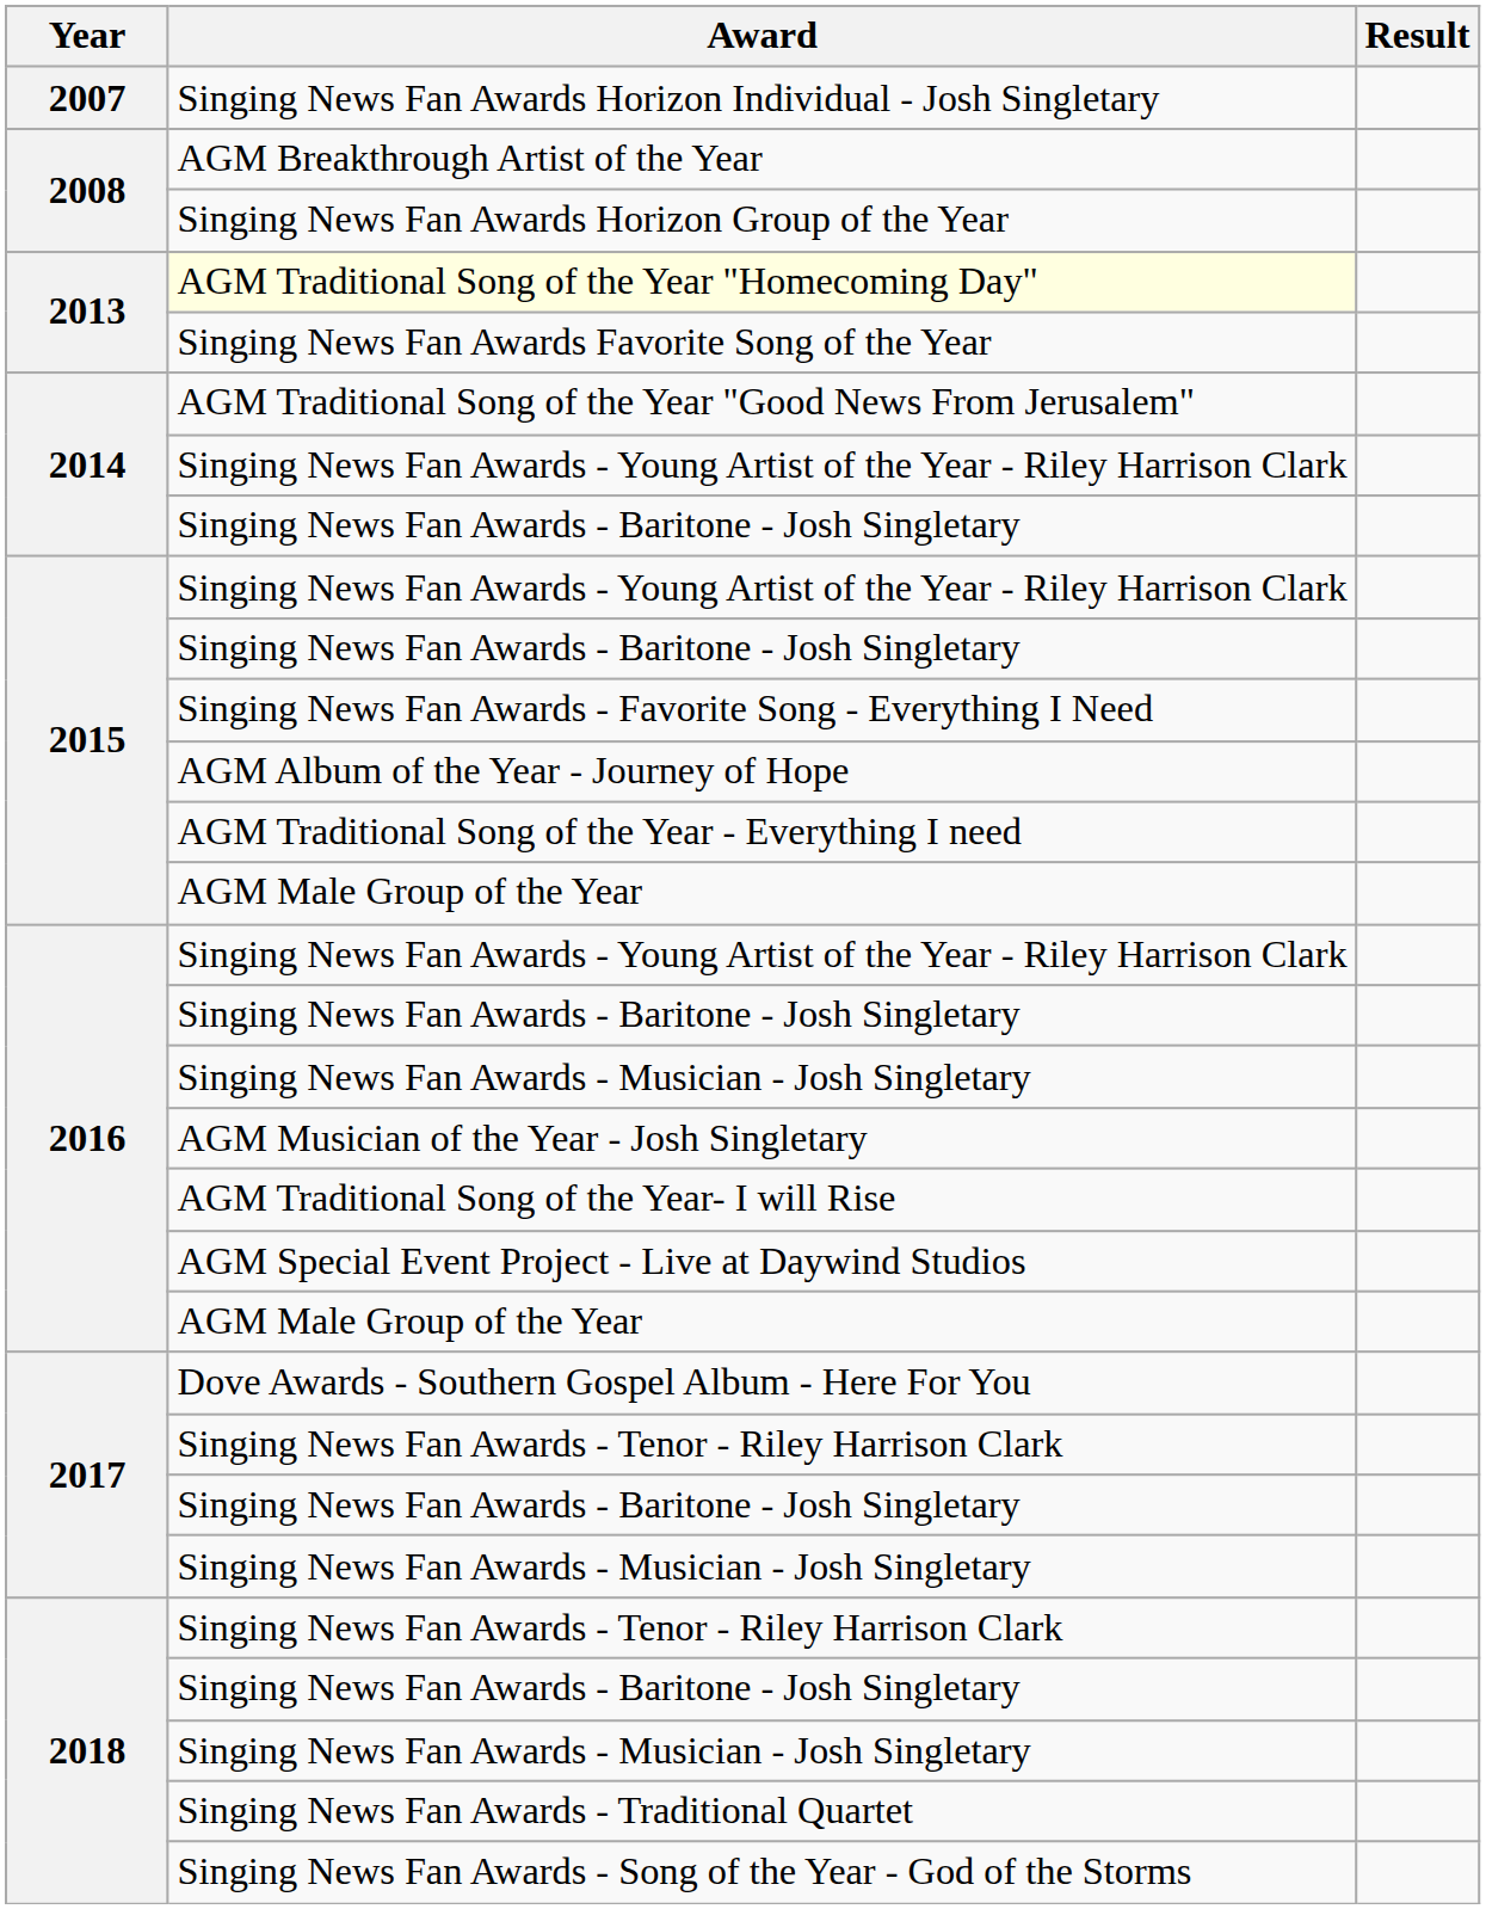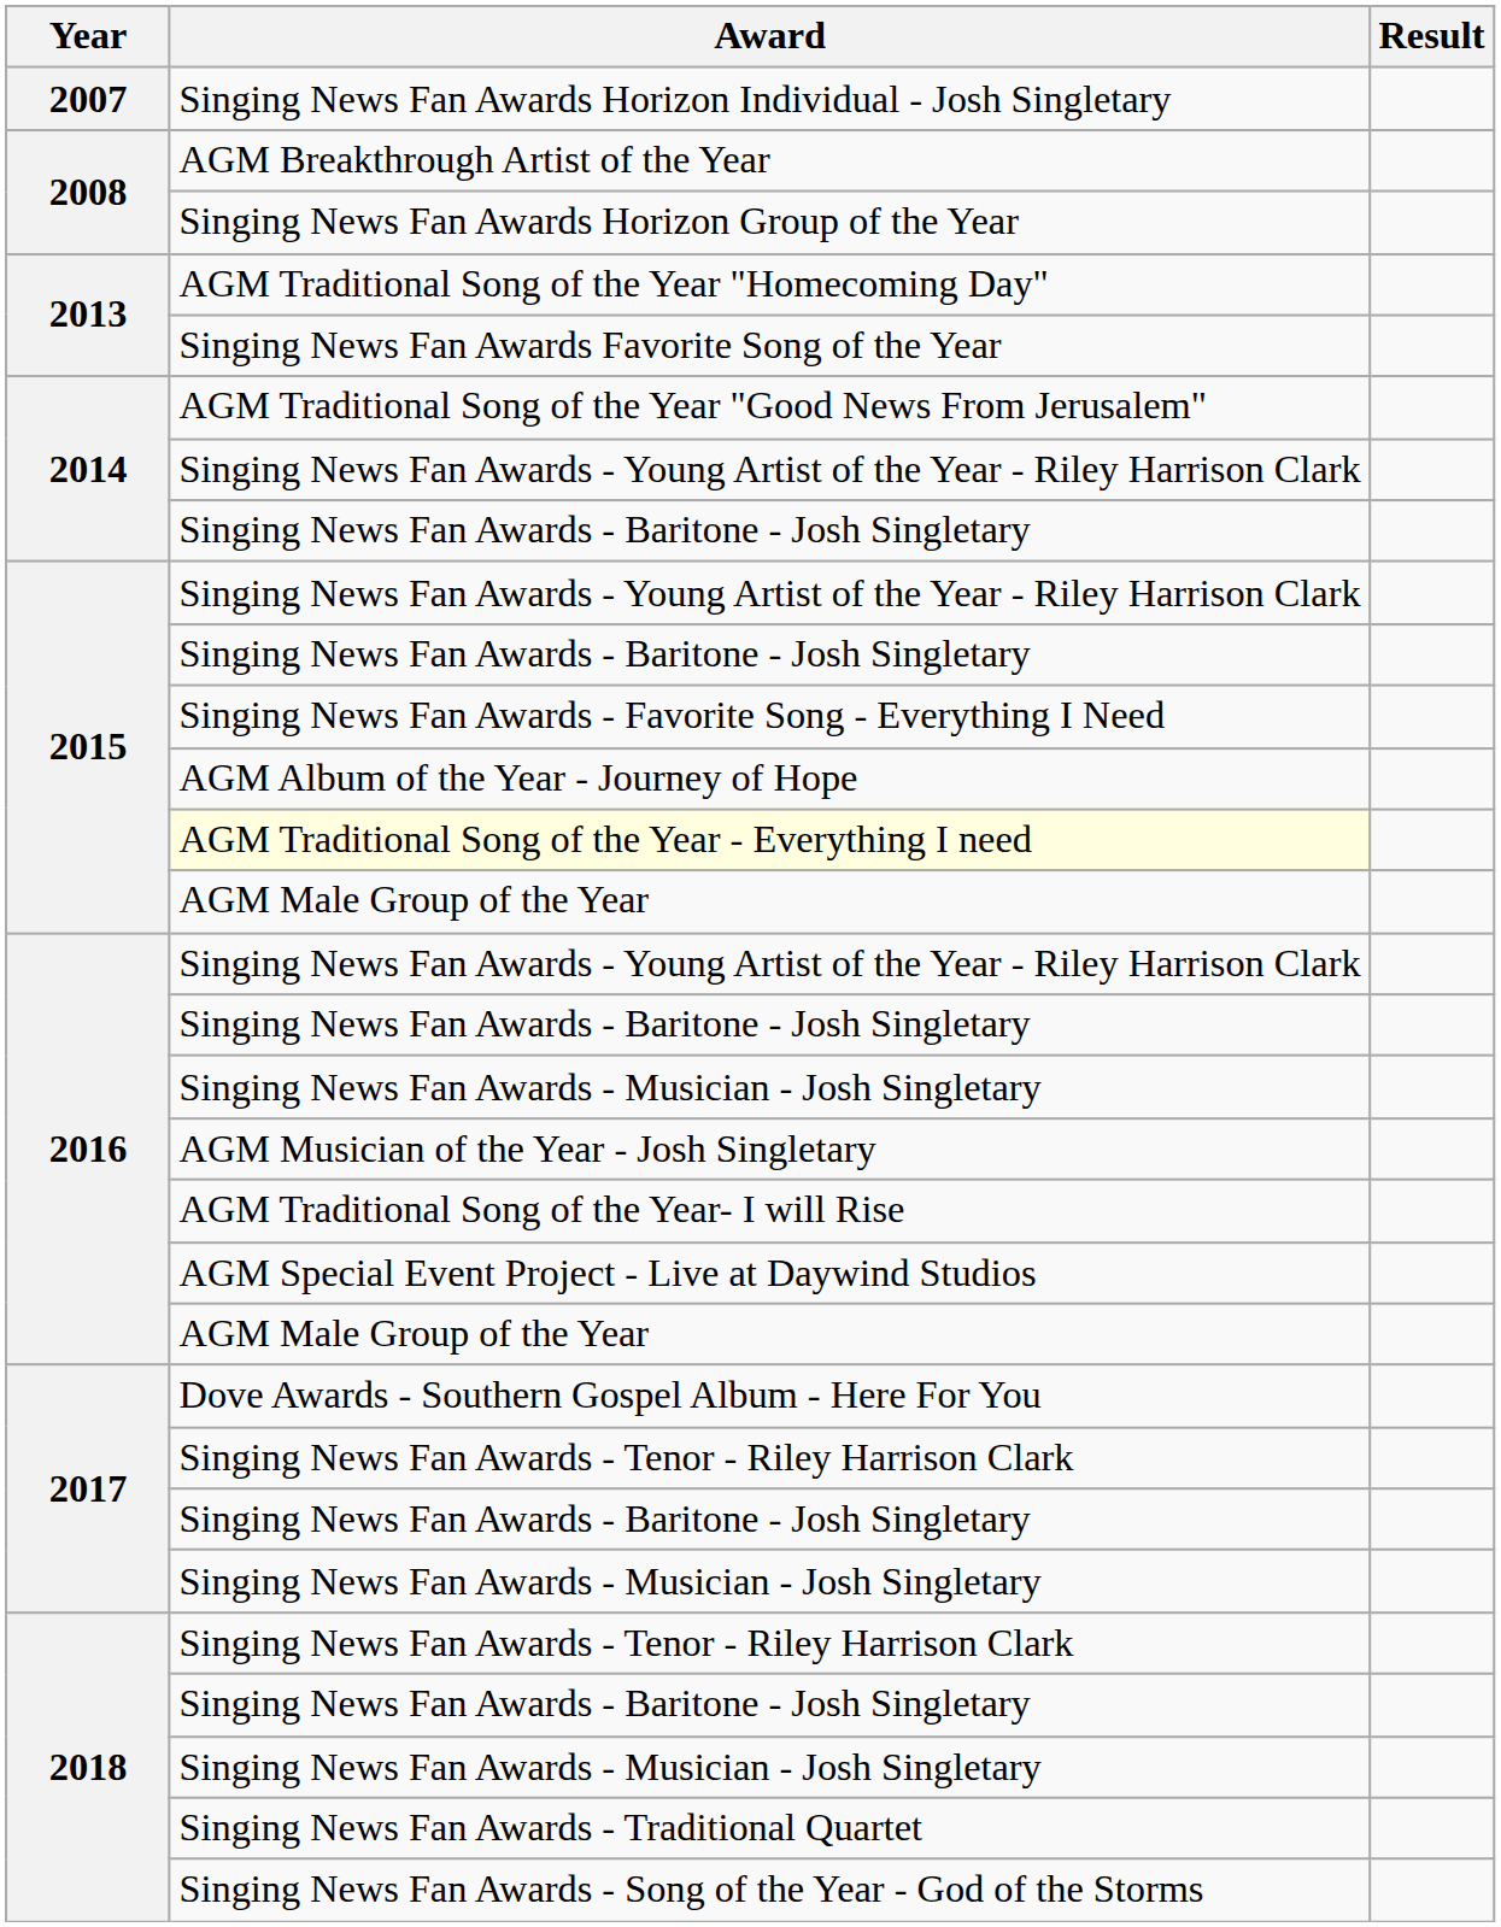 <table class="wikitable">
 <tr>
 <th width="60px">Year</th>
 <th>Award</th>
 <th>Result</th>
 </tr>
 <tr>
 <th>2007</th>
 <td>Singing News Fan Awards Horizon Individual - Josh Singletary</td>
 <td></td>
 </tr>
 <tr>
 <th rowspan=2>2008<br></th>
 <td>AGM Breakthrough Artist of the Year</td>
 <td></td>
 </tr>
 <tr>
 <td>Singing News Fan Awards Horizon Group of the Year</td>
 <td></td>
 </tr>
 <tr>
 <th rowspan="2">2013<br></th>
-<td style="background: lightyellow;">AGM Traditional Song of the Year "Homecoming Day"</td>
+<td>AGM Traditional Song of the Year "Homecoming Day"</td>
 <td></td>
 </tr>
 <tr>
 <td>Singing News Fan Awards Favorite Song of the Year</td>
 <td></td>
 </tr>
 <tr>
 <th rowspan="3">2014<br></th>
 <td>AGM Traditional Song of the Year "Good News From Jerusalem"</td>
 <td></td>
 </tr>
 <tr>
 <td>Singing News Fan Awards - Young Artist of the Year - Riley Harrison Clark</td>
 <td></td>
 </tr>
 <tr>
 <td>Singing News Fan Awards - Baritone - Josh Singletary</td>
 <td></td>
 </tr>
 <tr>
 <th rowspan="6">2015</th>
 <td>Singing News Fan Awards - Young Artist of the Year - Riley Harrison Clark</td>
 <td></td>
 </tr>
 <tr>
 <td>Singing News Fan Awards - Baritone - Josh Singletary</td>
 <td></td>
 </tr>
 <tr>
 <td>Singing News Fan Awards - Favorite Song - Everything I Need</td>
 <td></td>
 </tr>
 <tr>
 <td>AGM Album of the Year - Journey of Hope</td>
 <td></td>
 </tr>
 <tr>
-<td>AGM Traditional Song of the Year - Everything I need</td>
+<td style="background: lightyellow;">AGM Traditional Song of the Year - Everything I need</td>
 <td></td>
 </tr>
 <tr>
 <td>AGM Male Group of the Year</td>
 <td></td>
 </tr>
 <tr>
 <th rowspan="7">2016<br></th>
 <td>Singing News Fan Awards - Young Artist of the Year - Riley Harrison Clark</td>
 <td></td>
 </tr>
 <tr>
 <td>Singing News Fan Awards - Baritone - Josh Singletary</td>
 <td></td>
 </tr>
 <tr>
 <td>Singing News Fan Awards - Musician - Josh Singletary</td>
 <td></td>
 </tr>
 <tr>
 <td>AGM Musician of the Year - Josh Singletary</td>
 <td></td>
 </tr>
 <tr>
 <td>AGM Traditional Song of the Year- I will Rise</td>
 <td></td>
 </tr>
 <tr>
 <td>AGM Special Event Project - Live at Daywind Studios</td>
 <td></td>
 </tr>
 <tr>
 <td>AGM Male Group of the Year</td>
 <td></td>
 </tr>
 <tr>
 <th rowspan="4">2017<br></th>
 <td>Dove Awards - Southern Gospel Album - Here For You</td>
 <td></td>
 </tr>
 <tr>
 <td>Singing News Fan Awards - Tenor - Riley Harrison Clark</td>
 <td></td>
 </tr>
 <tr>
 <td>Singing News Fan Awards - Baritone - Josh Singletary</td>
 <td></td>
 </tr>
 <tr>
 <td>Singing News Fan Awards - Musician - Josh Singletary</td>
 <td></td>
 </tr>
 <tr>
 <th rowspan="5">2018<br></th>
 <td>Singing News Fan Awards - Tenor - Riley Harrison Clark</td>
 <td></td>
 </tr>
 <tr>
 <td>Singing News Fan Awards - Baritone - Josh Singletary</td>
 <td></td>
 </tr>
 <tr>
 <td>Singing News Fan Awards - Musician - Josh Singletary</td>
 <td></td>
 </tr>
 <tr>
 <td>Singing News Fan Awards - Traditional Quartet</td>
 <td></td>
 </tr>
 <tr>
 <td>Singing News Fan Awards - Song of the Year - God of the Storms</td>
 <td></td>
 </tr>
 </table>
